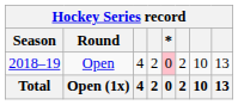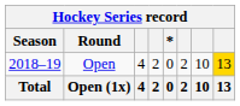 <table class="wikitable" style="text-align: center;">
 <tr>
 <th colspan=9><a href='#'>Hockey Series</a> record</th>
 </tr>
 <tr>
 <th>Season</th>
 <th>Round</th>
 <th></th>
 <th></th>
 <th> *</th>
 <th></th>
 <th></th>
 <th></th>
 </tr>
 <tr>
 <td><a href='#'>2018–19</a></td>
 <td><a href='#'>Open</a></td>
 <td>4</td>
 <td>2</td>
-<td style="background: pink;">0</td>
+<td>0</td>
 <td>2</td>
 <td>10</td>
-<td>13</td>
+<td style="background: gold;">13</td>
 </tr>
 <tr>
 <th>Total</th>
 <th>Open (1x)</th>
 <th>4</th>
 <th>2</th>
 <th>0</th>
 <th>2</th>
 <th>10</th>
 <th>13</th>
 </tr>
 </table>
